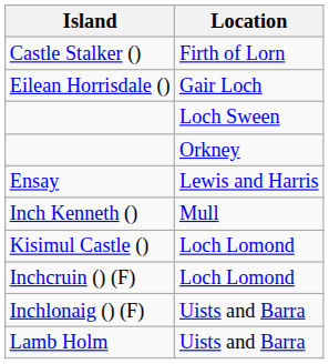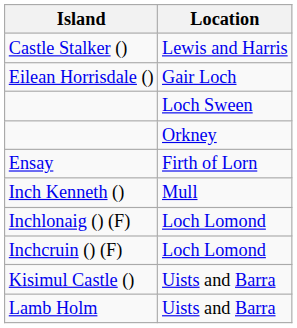 <table class="wikitable sortable">
 <tr>
 <th>Island</th>
 <th>Location</th>
 </tr>
 <tr>
 <td><a href='#'>Castle Stalker</a> ()</td>
-<td><a href='#'>Firth of Lorn</a></td>
+<td><a href='#'>Lewis and Harris</a></td>
 </tr>
 <tr>
 <td><a href='#'>Eilean Horrisdale</a> ()</td>
 <td><a href='#'>Gair Loch</a></td>
 </tr>
 <tr>
 <td></td>
 <td><a href='#'>Loch Sween</a></td>
 </tr>
 <tr>
 <td></td>
 <td><a href='#'>Orkney</a></td>
 </tr>
 <tr>
 <td><a href='#'>Ensay</a></td>
-<td><a href='#'>Lewis and Harris</a></td>
+<td><a href='#'>Firth of Lorn</a></td>
 </tr>
 <tr>
 <td><a href='#'>Inch Kenneth</a> ()</td>
 <td><a href='#'>Mull</a></td>
 </tr>
 <tr>
-<td><a href='#'>Kisimul Castle</a> ()</td>
+<td><a href='#'>Inchlonaig</a> () (F)</td>
 <td><a href='#'>Loch Lomond</a></td>
 </tr>
 <tr>
 <td><a href='#'>Inchcruin</a> () (F)</td>
 <td><a href='#'>Loch Lomond</a></td>
 </tr>
 <tr>
-<td><a href='#'>Inchlonaig</a> () (F)</td>
+<td><a href='#'>Kisimul Castle</a> ()</td>
 <td><a href='#'>Uists</a> and <a href='#'>Barra</a></td>
 </tr>
 <tr>
 <td><a href='#'>Lamb Holm</a></td>
 <td><a href='#'>Uists</a> and <a href='#'>Barra</a></td>
 </tr>
 </table>
